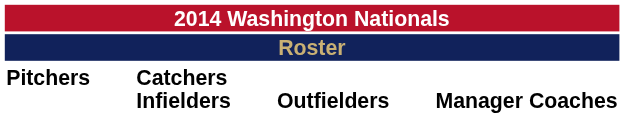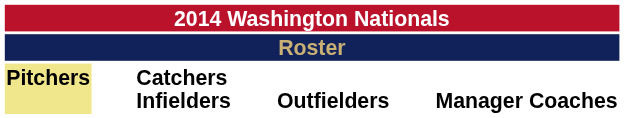 <table class="toccolours" style="font-size: 95%;">
 <tr>
 <th colspan="10" style="background-color: #ba122b; color: #FFFFFF; text-align: center;">2014 Washington Nationals</th>
 </tr>
 <tr>
 <td colspan="10" style="background-color: #11225b; color: #c9b074; text-align: center;"><strong>Roster</strong></td>
 </tr>
 <tr>
-<td valign="top"><strong>Pitchers</strong><br>                 </td>
+<td valign="top" style="background: khaki;"><strong>Pitchers</strong><br>                 </td>
 <td width="25px"></td>
 <td valign="top"><strong>Catchers</strong><br>   <strong>Infielders</strong>          </td>
 <td width="25px"></td>
 <td valign="top"><br><strong>Outfielders</strong>         </td>
 <td width="25px"></td>
 <td valign="top"><br><strong>Manager</strong> <strong>Coaches</strong>              </td>
 </tr>
 <tr>
 </tr>
 </table>
